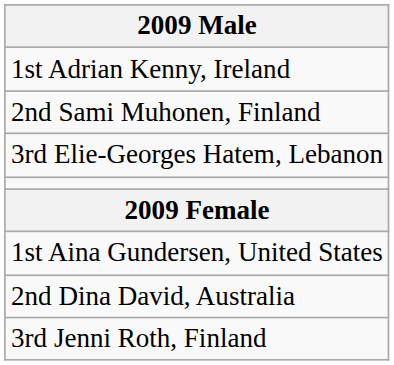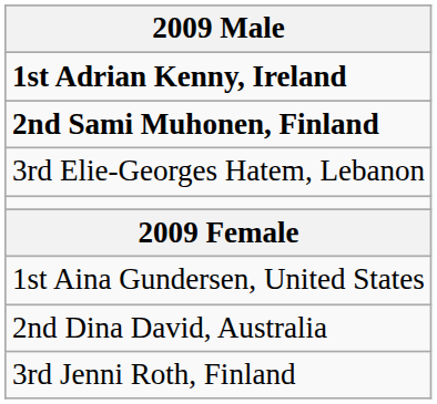 <table class="wikitable" style="float:left; margin-right:1em">
 <tr>
 <th>2009 Male</th>
 </tr>
 <tr>
-<td>1st Adrian Kenny, Ireland</td>
+<td><strong>1st Adrian Kenny, Ireland</strong></td>
 </tr>
 <tr>
-<td>2nd Sami Muhonen, Finland</td>
+<td><strong>2nd Sami Muhonen, Finland</strong></td>
 </tr>
 <tr>
 <td>3rd Elie-Georges Hatem, Lebanon</td>
 </tr>
 <tr>
 <td></td>
 </tr>
 <tr>
 <th>2009 Female</th>
 </tr>
 <tr>
 <td>1st Aina Gundersen, United States</td>
 </tr>
 <tr>
 <td>2nd Dina David, Australia</td>
 </tr>
 <tr>
 <td>3rd Jenni Roth, Finland</td>
 </tr>
 </table>
